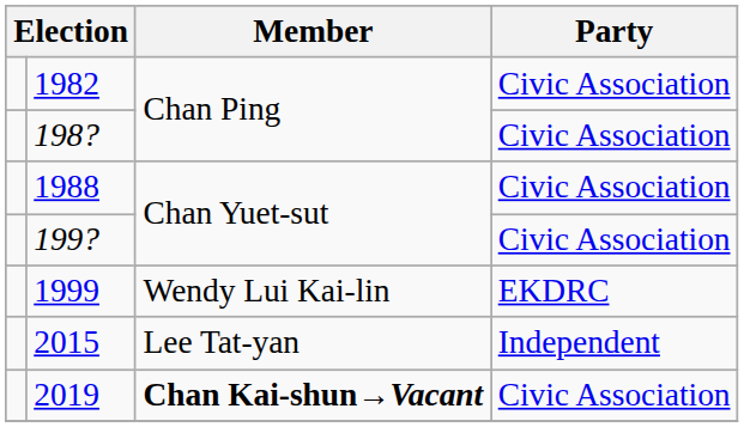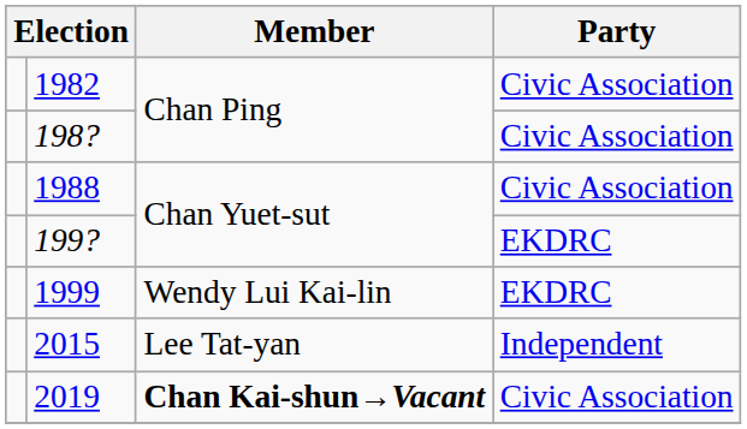 <table class="wikitable">
 <tr>
 <th colspan="2">Election</th>
 <th>Member</th>
 <th>Party</th>
 </tr>
 <tr>
 <td style="background-color:"></td>
 <td><a href='#'>1982</a></td>
 <td rowspan=2>Chan Ping</td>
 <td><a href='#'>Civic Association</a></td>
 </tr>
 <tr>
 <td style="background-color:"></td>
 <td><em>198?</em></td>
 <td><a href='#'>Civic Association</a></td>
 </tr>
 <tr>
 <td style="background-color:"></td>
 <td><a href='#'>1988</a></td>
 <td rowspan=2>Chan Yuet-sut</td>
 <td><a href='#'>Civic Association</a></td>
 </tr>
 <tr>
 <td style="background-color:"></td>
 <td><em>199?</em></td>
-<td><a href='#'>Civic Association</a></td>
+<td><a href='#'>EKDRC</a></td>
 </tr>
 <tr>
 <td style="background-color:"></td>
 <td><a href='#'>1999</a></td>
 <td>Wendy Lui Kai-lin</td>
 <td><a href='#'>EKDRC</a></td>
 </tr>
 <tr>
 <td style="background-color:"></td>
 <td><a href='#'>2015</a></td>
 <td>Lee Tat-yan</td>
 <td><a href='#'>Independent</a></td>
 </tr>
 <tr>
 <td style="background-color:"></td>
 <td><a href='#'>2019</a></td>
 <td><strong>Chan Kai-shun→<em>Vacant</em></strong></td>
 <td><a href='#'>Civic Association</a></td>
 </tr>
 <tr>
 </tr>
 </table>
